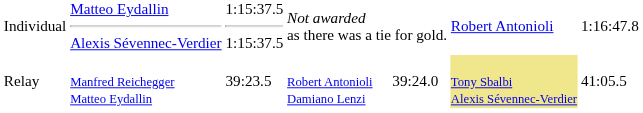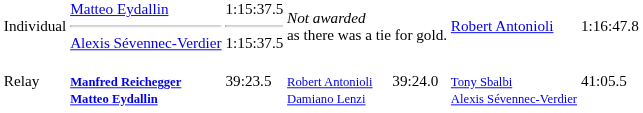 <table>
 <tr>
 <td>Individual</td>
 <td><a href='#'>Matteo Eydallin</a><br><hr><a href='#'>Alexis Sévennec-Verdier</a><br></td>
 <td>1:15:37.5<hr> 1:15:37.5</td>
 <td colspan=2><em>Not awarded</em><br><span>as there was a tie for gold.</span></td>
 <td><a href='#'>Robert Antonioli</a><br></td>
 <td>1:16:47.8</td>
 </tr>
 <tr>
 <td>Relay</td>
-<td><br><small><a href='#'>Manfred Reichegger</a><br><a href='#'>Matteo Eydallin</a></small></td>
+<td><strong><br><small><a href='#'>Manfred Reichegger</a><br><a href='#'>Matteo Eydallin</a></small></strong></td>
 <td>39:23.5</td>
 <td><br><small><a href='#'>Robert Antonioli</a><br><a href='#'>Damiano Lenzi</a></small></td>
 <td>39:24.0</td>
-<td style="background: khaki;"><br><small><a href='#'>Tony Sbalbi</a><br><a href='#'>Alexis Sévennec-Verdier</a></small></td>
+<td><br><small><a href='#'>Tony Sbalbi</a><br><a href='#'>Alexis Sévennec-Verdier</a></small></td>
 <td>41:05.5</td>
 </tr>
 </table>
